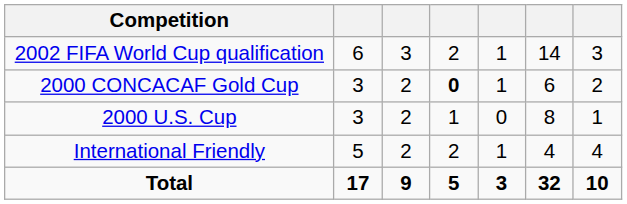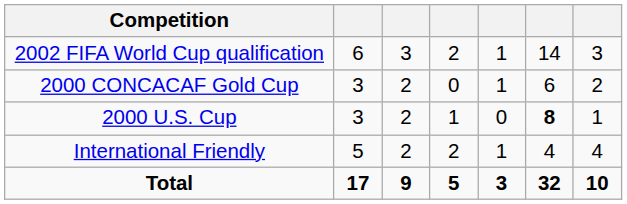 <table class="wikitable" style="text-align: center;">
 <tr>
 <th width=250>Competition</th>
 <th width=30></th>
 <th width=30></th>
 <th width=30></th>
 <th width=30></th>
 <th width=30></th>
 <th width=30></th>
 </tr>
 <tr>
 <td><a href='#'>2002 FIFA World Cup qualification</a></td>
 <td>6</td>
 <td>3</td>
 <td>2</td>
 <td>1</td>
 <td>14</td>
 <td>3</td>
 </tr>
 <tr>
 <td><a href='#'>2000 CONCACAF Gold Cup</a></td>
 <td>3</td>
 <td>2</td>
-<td><strong>0</strong></td>
+<td>0</td>
 <td>1</td>
 <td>6</td>
 <td>2</td>
 </tr>
 <tr>
 <td><a href='#'>2000 U.S. Cup</a></td>
 <td>3</td>
 <td>2</td>
 <td>1</td>
 <td>0</td>
-<td>8</td>
+<td><strong>8</strong></td>
 <td>1</td>
 </tr>
 <tr>
 <td><a href='#'>International Friendly</a></td>
 <td>5</td>
 <td>2</td>
 <td>2</td>
 <td>1</td>
 <td>4</td>
 <td>4</td>
 </tr>
 <tr>
 <td><strong>Total</strong></td>
 <td><strong>17</strong></td>
 <td><strong>9</strong></td>
 <td><strong>5</strong></td>
 <td><strong>3</strong></td>
 <td><strong>32</strong></td>
 <td><strong>10</strong></td>
 </tr>
 </table>
